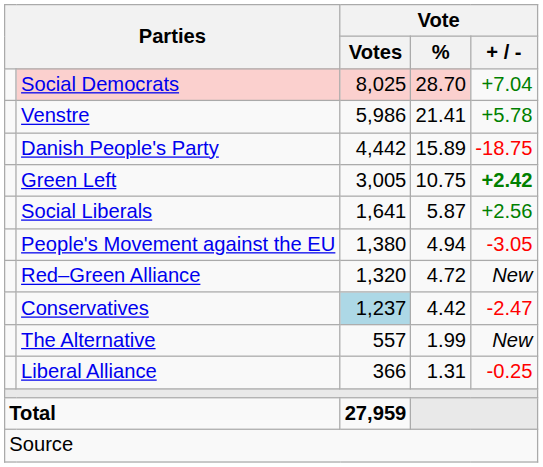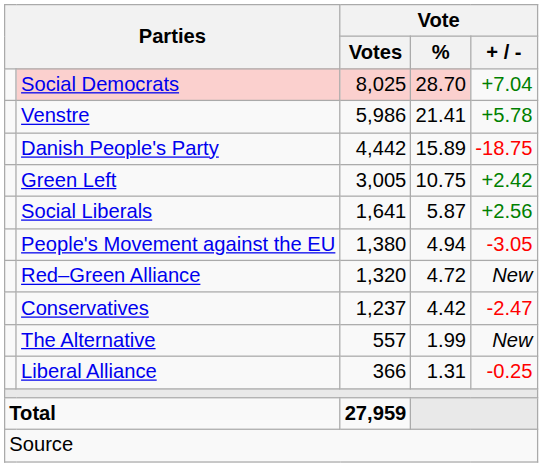 <table class="wikitable" style="text-align:right;">
 <tr>
 <th style="text-align:centre;" rowspan="2" colspan="2" width="225">Parties</th>
 <th colspan="3">Vote</th>
 </tr>
 <tr>
 <th width="15">Votes</th>
 <th width="15">%</th>
 <th width="15">+ / -</th>
 </tr>
 <tr>
 <td width="2" style="color:inherit;background:"></td>
 <td bgcolor=#fbd0ce   align="left"><a href='#'>Social Democrats</a></td>
 <td bgcolor=#fbd0ce>8,025</td>
 <td bgcolor=#fbd0ce>28.70</td>
 <td style=color:green;>+7.04</td>
 </tr>
 <tr>
 <td width="2" style="color:inherit;background:"></td>
 <td align="left"><a href='#'>Venstre</a></td>
 <td>5,986</td>
 <td>21.41</td>
 <td style=color:green;>+5.78</td>
 </tr>
 <tr>
 <td width="2" style="color:inherit;background:"></td>
 <td align="left"><a href='#'>Danish People's Party</a></td>
 <td>4,442</td>
 <td>15.89</td>
 <td style=color:red;>-18.75</td>
 </tr>
 <tr>
 <td width="2" style="color:inherit;background:"></td>
 <td align="left"><a href='#'>Green Left</a></td>
 <td>3,005</td>
 <td>10.75</td>
-<td style=color:green;><strong>+2.42</strong></td>
+<td style=color:green;>+2.42</td>
 </tr>
 <tr>
 <td width="2" style="color:inherit;background:"></td>
 <td align="left"><a href='#'>Social Liberals</a></td>
 <td>1,641</td>
 <td>5.87</td>
 <td style=color:green;>+2.56</td>
 </tr>
 <tr>
 <td width="2" style="color:inherit;background:"></td>
 <td align="left"><a href='#'>People's Movement against the EU</a></td>
 <td>1,380</td>
 <td>4.94</td>
 <td style=color:red;>-3.05</td>
 </tr>
 <tr>
 <td width="2" style="color:inherit;background:"></td>
 <td align="left"><a href='#'>Red–Green Alliance</a></td>
 <td>1,320</td>
 <td>4.72</td>
 <td><em>New</em></td>
 </tr>
 <tr>
 <td width="2" style="color:inherit;background:"></td>
 <td align="left"><a href='#'>Conservatives</a></td>
-<td style="background: lightblue;">1,237</td>
+<td>1,237</td>
 <td>4.42</td>
 <td style=color:red;>-2.47</td>
 </tr>
 <tr>
 <td width="2" style="color:inherit;background:"></td>
 <td align="left"><a href='#'>The Alternative</a></td>
 <td>557</td>
 <td>1.99</td>
 <td><em>New</em></td>
 </tr>
 <tr>
 <td width="2" style="color:inherit;background:"></td>
 <td align="left"><a href='#'>Liberal Alliance</a></td>
 <td>366</td>
 <td>1.31</td>
 <td style=color:red;>-0.25</td>
 </tr>
 <tr>
 <td colspan="7" bgcolor="#E9E9E9"></td>
 </tr>
 <tr>
 <td align="left" colspan="2"><strong>Total</strong></td>
 <td><strong>27,959</strong></td>
 <td bgcolor="#E9E9E9" colspan="2"></td>
 </tr>
 <tr>
 <td align="left" colspan="6">Source</td>
 </tr>
 </table>
